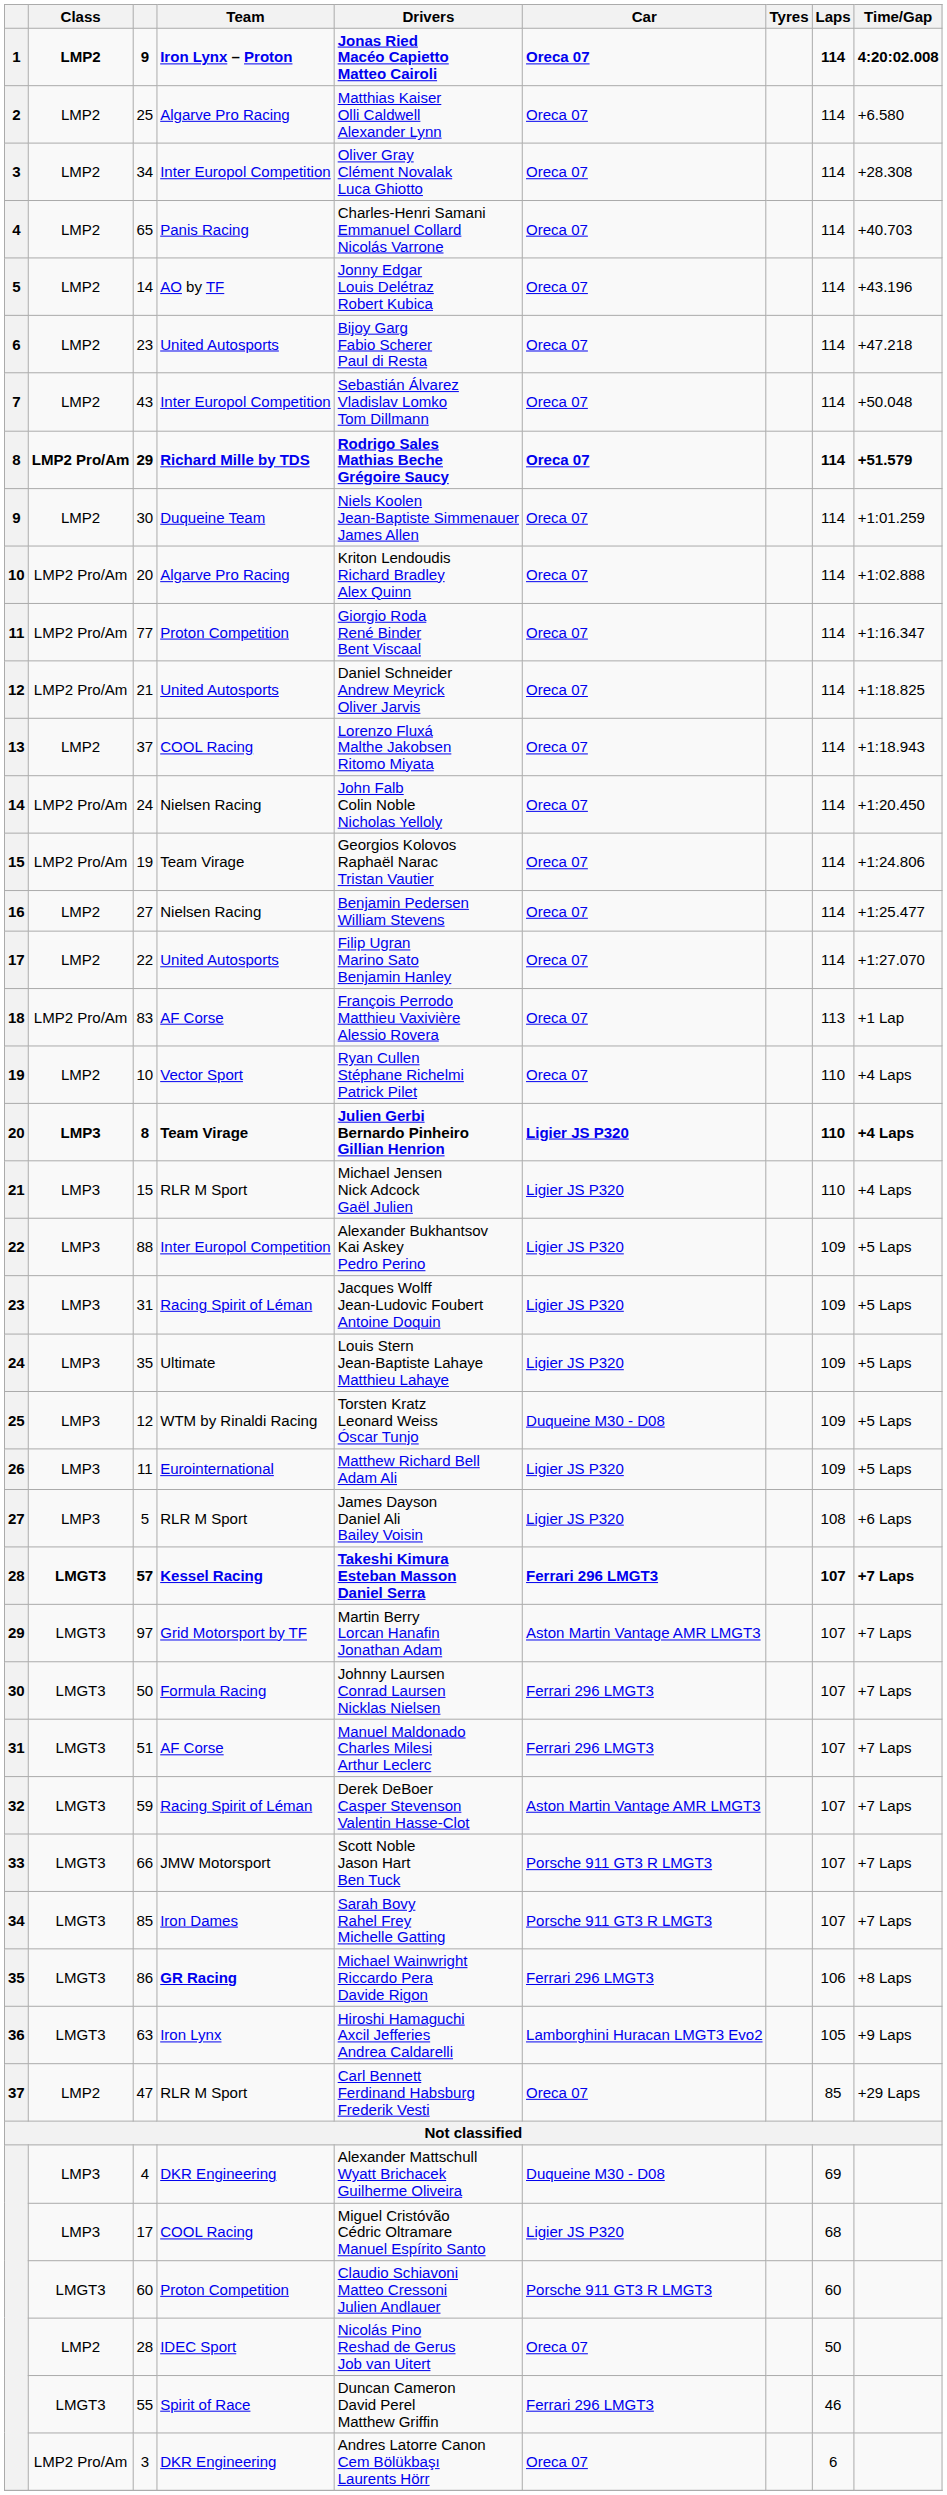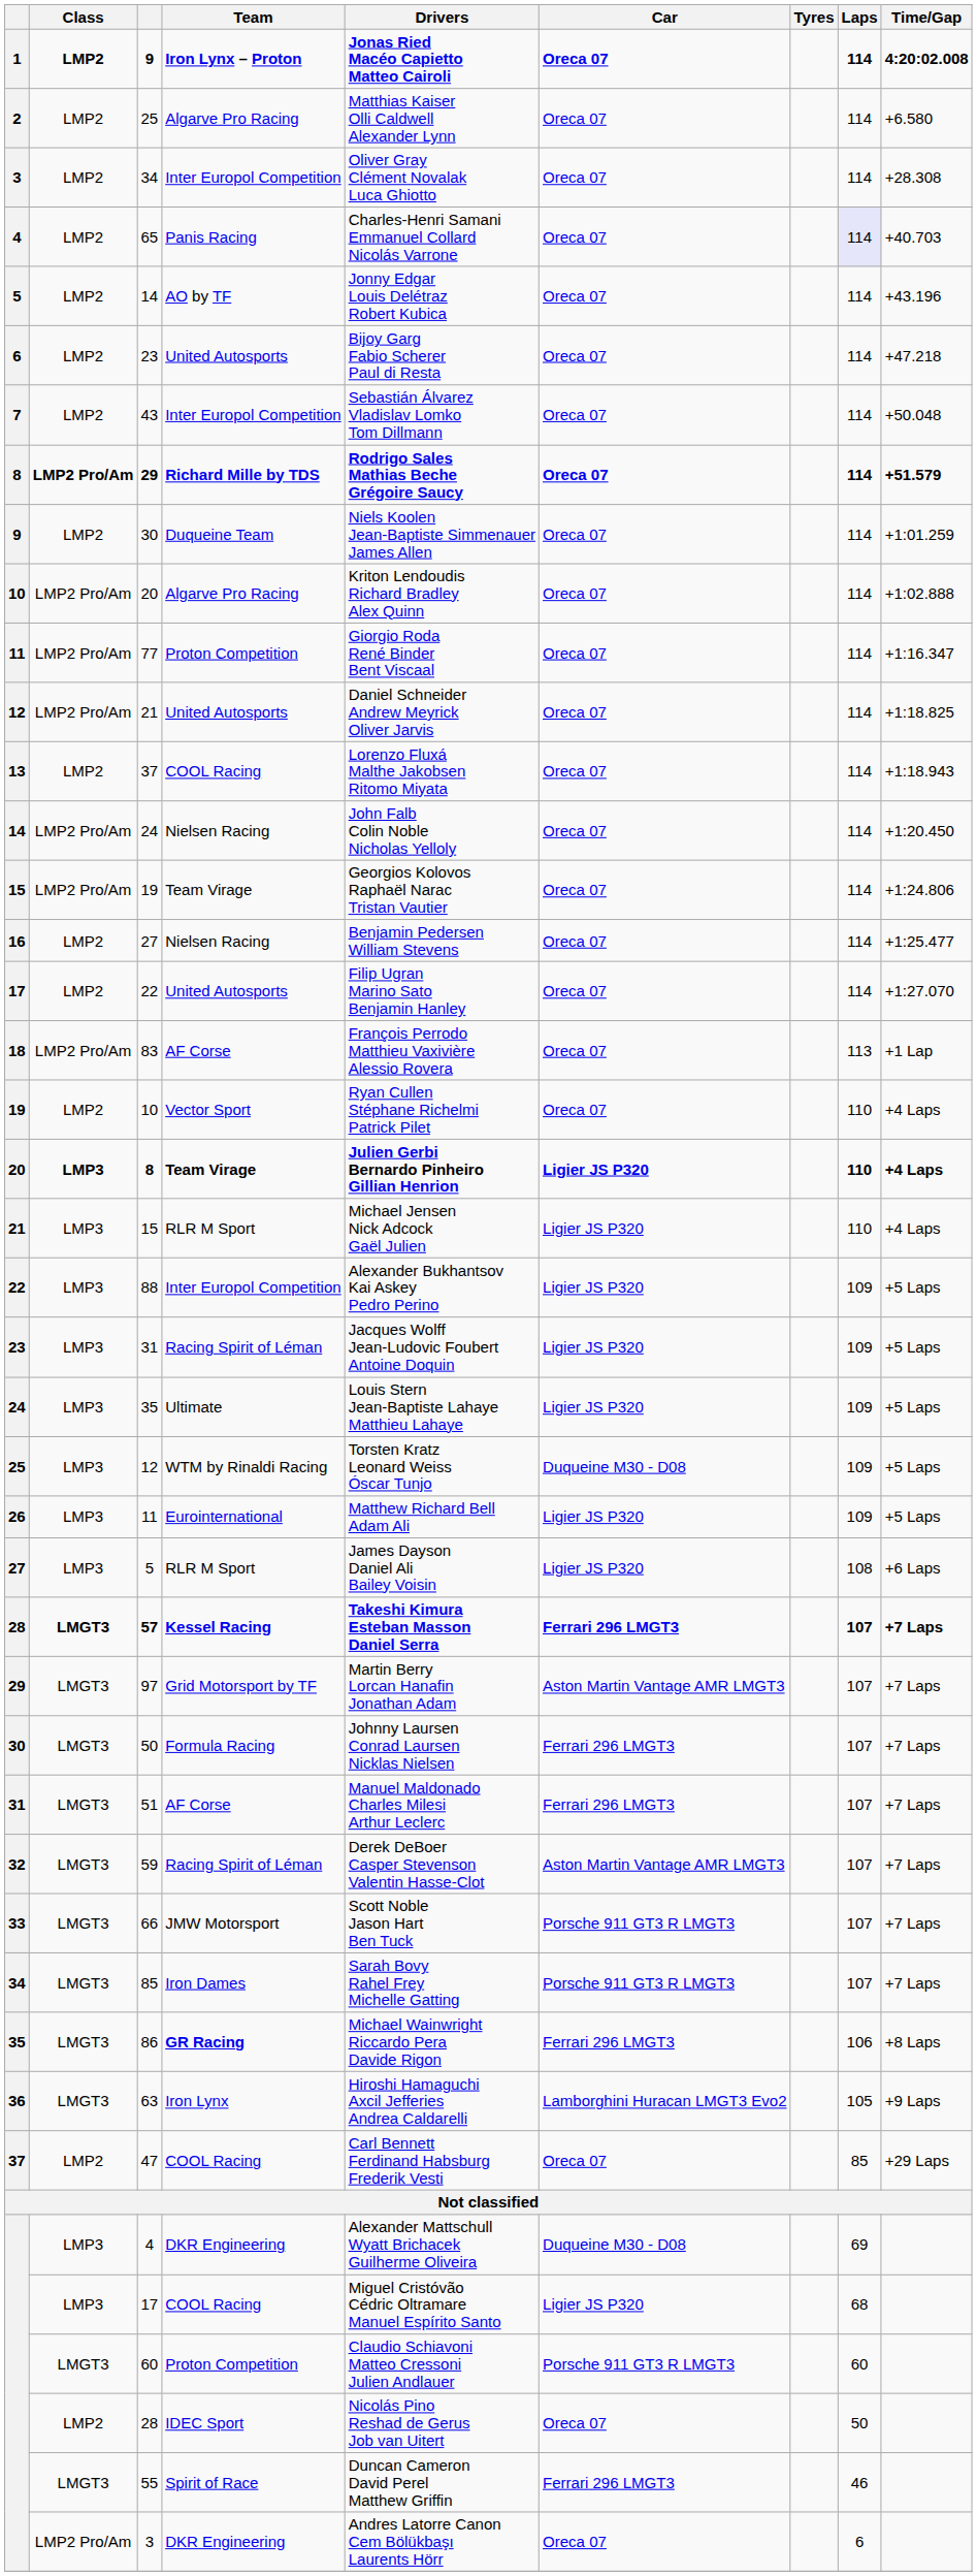 <table class="wikitable" style="font-size:95%;">
 <tr>
 <th></th>
 <th>Class</th>
 <th></th>
 <th>Team</th>
 <th>Drivers</th>
 <th>Car</th>
 <th>Tyres</th>
 <th>Laps</th>
 <th>Time/Gap</th>
 </tr>
 <tr style="font-weight: bold;">
 <th>1</th>
 <td align="center">LMP2</td>
 <td align="center">9</td>
 <td> <a href='#'>Iron Lynx</a> – <a href='#'>Proton</a></td>
 <td> <a href='#'>Jonas Ried</a><br> <a href='#'>Macéo Capietto</a><br> <a href='#'>Matteo Cairoli</a></td>
 <td><a href='#'>Oreca 07</a></td>
 <td align="center"></td>
 <td align="center">114</td>
 <td align="center">4:20:02.008</td>
 </tr>
 <tr>
 <th>2</th>
 <td align="center">LMP2</td>
 <td align="center">25</td>
 <td> <a href='#'>Algarve Pro Racing</a></td>
 <td> <a href='#'>Matthias Kaiser</a><br> <a href='#'>Olli Caldwell</a><br> <a href='#'>Alexander Lynn</a></td>
 <td><a href='#'>Oreca 07</a></td>
 <td align="center"></td>
 <td align="center">114</td>
 <td>+6.580</td>
 </tr>
 <tr>
 <th>3</th>
 <td align="center">LMP2</td>
 <td align="center">34</td>
 <td> <a href='#'>Inter Europol Competition</a></td>
 <td> <a href='#'>Oliver Gray</a><br> <a href='#'>Clément Novalak</a><br> <a href='#'>Luca Ghiotto</a></td>
 <td><a href='#'>Oreca 07</a></td>
 <td align="center"></td>
 <td align="center">114</td>
 <td>+28.308</td>
 </tr>
 <tr>
 <th>4</th>
 <td align="center">LMP2</td>
 <td align="center">65</td>
 <td> <a href='#'>Panis Racing</a></td>
 <td> Charles-Henri Samani<br> <a href='#'>Emmanuel Collard</a><br> <a href='#'>Nicolás Varrone</a></td>
 <td><a href='#'>Oreca 07</a></td>
 <td align="center"></td>
-<td align="center">114</td>
+<td align="center" style="background: lavender;">114</td>
 <td>+40.703</td>
 </tr>
 <tr>
 <th>5</th>
 <td align="center">LMP2</td>
 <td align="center">14</td>
 <td> <a href='#'>AO</a> by <a href='#'>TF</a></td>
 <td> <a href='#'>Jonny Edgar</a><br> <a href='#'>Louis Delétraz</a><br> <a href='#'>Robert Kubica</a></td>
 <td><a href='#'>Oreca 07</a></td>
 <td align="center"></td>
 <td align="center">114</td>
 <td>+43.196</td>
 </tr>
 <tr>
 <th>6</th>
 <td align="center">LMP2</td>
 <td align="center">23</td>
 <td> <a href='#'>United Autosports</a></td>
 <td> <a href='#'>Bijoy Garg</a><br> <a href='#'>Fabio Scherer</a><br> <a href='#'>Paul di Resta</a></td>
 <td><a href='#'>Oreca 07</a></td>
 <td align="center"></td>
 <td align="center">114</td>
 <td>+47.218</td>
 </tr>
 <tr>
 <th>7</th>
 <td align="center">LMP2</td>
 <td align="center">43</td>
 <td> <a href='#'>Inter Europol Competition</a></td>
 <td> <a href='#'>Sebastián Álvarez</a><br> <a href='#'>Vladislav Lomko</a><br> <a href='#'>Tom Dillmann</a></td>
 <td><a href='#'>Oreca 07</a></td>
 <td align="center"></td>
 <td align="center">114</td>
 <td>+50.048</td>
 </tr>
 <tr style="font-weight: bold;">
 <th>8</th>
 <td align="center">LMP2 Pro/Am</td>
 <td align="center">29</td>
 <td> <a href='#'>Richard Mille by TDS</a></td>
 <td> <a href='#'>Rodrigo Sales</a><br> <a href='#'>Mathias Beche</a><br> <a href='#'>Grégoire Saucy</a></td>
 <td><a href='#'>Oreca 07</a></td>
 <td align="center"></td>
 <td align="center">114</td>
 <td>+51.579</td>
 </tr>
 <tr>
 <th>9</th>
 <td align="center">LMP2</td>
 <td align="center">30</td>
 <td> <a href='#'>Duqueine Team</a></td>
 <td> <a href='#'>Niels Koolen</a><br> <a href='#'>Jean-Baptiste Simmenauer</a><br> <a href='#'>James Allen</a></td>
 <td><a href='#'>Oreca 07</a></td>
 <td align="center"></td>
 <td align="center">114</td>
 <td>+1:01.259</td>
 </tr>
 <tr>
 <th>10</th>
 <td align="center">LMP2 Pro/Am</td>
 <td align="center">20</td>
 <td> <a href='#'>Algarve Pro Racing</a></td>
 <td> Kriton Lendoudis<br> <a href='#'>Richard Bradley</a><br> <a href='#'>Alex Quinn</a></td>
 <td><a href='#'>Oreca 07</a></td>
 <td align="center"></td>
 <td align="center">114</td>
 <td>+1:02.888</td>
 </tr>
 <tr>
 <th>11</th>
 <td align="center">LMP2 Pro/Am</td>
 <td align="center">77</td>
 <td> <a href='#'>Proton Competition</a></td>
 <td> <a href='#'>Giorgio Roda</a><br> <a href='#'>René Binder</a><br> <a href='#'>Bent Viscaal</a></td>
 <td><a href='#'>Oreca 07</a></td>
 <td align="center"></td>
 <td align="center">114</td>
 <td>+1:16.347</td>
 </tr>
 <tr>
 <th>12</th>
 <td align="center">LMP2 Pro/Am</td>
 <td align="center">21</td>
 <td> <a href='#'>United Autosports</a></td>
 <td> Daniel Schneider<br> <a href='#'>Andrew Meyrick</a><br> <a href='#'>Oliver Jarvis</a></td>
 <td><a href='#'>Oreca 07</a></td>
 <td align="center"></td>
 <td align="center">114</td>
 <td>+1:18.825</td>
 </tr>
 <tr>
 <th>13</th>
 <td align="center">LMP2</td>
 <td align="center">37</td>
 <td> <a href='#'>COOL Racing</a></td>
 <td> <a href='#'>Lorenzo Fluxá</a><br> <a href='#'>Malthe Jakobsen</a><br> <a href='#'>Ritomo Miyata</a></td>
 <td><a href='#'>Oreca 07</a></td>
 <td align="center"></td>
 <td align="center">114</td>
 <td>+1:18.943</td>
 </tr>
 <tr>
 <th>14</th>
 <td align="center">LMP2 Pro/Am</td>
 <td align="center">24</td>
 <td> Nielsen Racing</td>
 <td> <a href='#'>John Falb</a><br> Colin Noble<br> <a href='#'>Nicholas Yelloly</a></td>
 <td><a href='#'>Oreca 07</a></td>
 <td align="center"></td>
 <td align="center">114</td>
 <td>+1:20.450</td>
 </tr>
 <tr>
 <th>15</th>
 <td align="center">LMP2 Pro/Am</td>
 <td align="center">19</td>
 <td> Team Virage</td>
 <td> Georgios Kolovos<br> Raphaël Narac<br> <a href='#'>Tristan Vautier</a></td>
 <td><a href='#'>Oreca 07</a></td>
 <td align="center"></td>
 <td align="center">114</td>
 <td>+1:24.806</td>
 </tr>
 <tr>
 <th>16</th>
 <td align="center">LMP2</td>
 <td align="center">27</td>
 <td> Nielsen Racing</td>
 <td> <a href='#'>Benjamin Pedersen</a><br> <a href='#'>William Stevens</a></td>
 <td><a href='#'>Oreca 07</a></td>
 <td align="center"></td>
 <td align="center">114</td>
 <td>+1:25.477</td>
 </tr>
 <tr>
 <th>17</th>
 <td align="center">LMP2</td>
 <td align="center">22</td>
 <td> <a href='#'>United Autosports</a></td>
 <td> <a href='#'>Filip Ugran</a><br> <a href='#'>Marino Sato</a><br> <a href='#'>Benjamin Hanley</a></td>
 <td><a href='#'>Oreca 07</a></td>
 <td align="center"></td>
 <td align="center">114</td>
 <td>+1:27.070</td>
 </tr>
 <tr>
 <th>18</th>
 <td align="center">LMP2 Pro/Am</td>
 <td align="center">83</td>
 <td> <a href='#'>AF Corse</a></td>
 <td> <a href='#'>François Perrodo</a><br> <a href='#'>Matthieu Vaxivière</a><br> <a href='#'>Alessio Rovera</a></td>
 <td><a href='#'>Oreca 07</a></td>
 <td align="center"></td>
 <td align="center">113</td>
 <td>+1 Lap</td>
 </tr>
 <tr>
 <th>19</th>
 <td align="center">LMP2</td>
 <td align="center">10</td>
 <td> <a href='#'>Vector Sport</a></td>
 <td> <a href='#'>Ryan Cullen</a><br> <a href='#'>Stéphane Richelmi</a><br> <a href='#'>Patrick Pilet</a></td>
 <td><a href='#'>Oreca 07</a></td>
 <td align="center"></td>
 <td align="center">110</td>
 <td>+4 Laps</td>
 </tr>
 <tr style="font-weight: bold;">
 <th>20</th>
 <td align="center">LMP3</td>
 <td align="center">8</td>
 <td> Team Virage</td>
 <td> <a href='#'>Julien Gerbi</a><br> Bernardo Pinheiro<br> <a href='#'>Gillian Henrion</a></td>
 <td><a href='#'>Ligier JS P320</a></td>
 <td align="center"></td>
 <td align="center">110</td>
 <td>+4 Laps</td>
 </tr>
 <tr>
 <th>21</th>
 <td align="center">LMP3</td>
 <td align="center">15</td>
 <td> RLR M Sport</td>
 <td> Michael Jensen<br> Nick Adcock<br> <a href='#'>Gaël Julien</a></td>
 <td><a href='#'>Ligier JS P320</a></td>
 <td align="center"></td>
 <td align="center">110</td>
 <td>+4 Laps</td>
 </tr>
 <tr>
 <th>22</th>
 <td align="center">LMP3</td>
 <td align="center">88</td>
 <td> <a href='#'>Inter Europol Competition</a></td>
 <td> Alexander Bukhantsov<br> Kai Askey<br> <a href='#'>Pedro Perino</a></td>
 <td><a href='#'>Ligier JS P320</a></td>
 <td align="center"></td>
 <td align="center">109</td>
 <td>+5 Laps</td>
 </tr>
 <tr>
 <th>23</th>
 <td align="center">LMP3</td>
 <td align="center">31</td>
 <td> <a href='#'>Racing Spirit of Léman</a></td>
 <td> Jacques Wolff<br> Jean-Ludovic Foubert<br> <a href='#'>Antoine Doquin</a></td>
 <td><a href='#'>Ligier JS P320</a></td>
 <td align="center"></td>
 <td align="center">109</td>
 <td>+5 Laps</td>
 </tr>
 <tr>
 <th>24</th>
 <td align="center">LMP3</td>
 <td align="center">35</td>
 <td> Ultimate</td>
 <td> Louis Stern<br> Jean-Baptiste Lahaye<br> <a href='#'>Matthieu Lahaye</a></td>
 <td><a href='#'>Ligier JS P320</a></td>
 <td align="center"></td>
 <td align="center">109</td>
 <td>+5 Laps</td>
 </tr>
 <tr>
 <th>25</th>
 <td align="center">LMP3</td>
 <td align="center">12</td>
 <td> WTM by Rinaldi Racing</td>
 <td> Torsten Kratz<br> Leonard Weiss<br> <a href='#'>Óscar Tunjo</a></td>
 <td><a href='#'>Duqueine M30 - D08</a></td>
 <td align="center"></td>
 <td align="center">109</td>
 <td>+5 Laps</td>
 </tr>
 <tr>
 <th>26</th>
 <td align="center">LMP3</td>
 <td align="center">11</td>
 <td> <a href='#'>Eurointernational</a></td>
 <td> <a href='#'>Matthew Richard Bell</a><br> <a href='#'>Adam Ali</a></td>
 <td><a href='#'>Ligier JS P320</a></td>
 <td align="center"></td>
 <td align="center">109</td>
 <td>+5 Laps</td>
 </tr>
 <tr>
 <th>27</th>
 <td align="center">LMP3</td>
 <td align="center">5</td>
 <td> RLR M Sport</td>
 <td> James Dayson<br> Daniel Ali<br> <a href='#'>Bailey Voisin</a></td>
 <td><a href='#'>Ligier JS P320</a></td>
 <td align="center"></td>
 <td align="center">108</td>
 <td>+6 Laps</td>
 </tr>
 <tr style="font-weight: bold;">
 <th>28</th>
 <td align="center">LMGT3</td>
 <td align="center">57</td>
 <td> <a href='#'>Kessel Racing</a></td>
 <td> <a href='#'>Takeshi Kimura</a><br> <a href='#'>Esteban Masson</a><br> <a href='#'>Daniel Serra</a></td>
 <td><a href='#'>Ferrari 296 LMGT3</a></td>
 <td align="center"></td>
 <td align="center">107</td>
 <td>+7 Laps</td>
 </tr>
 <tr>
 <th>29</th>
 <td align="center">LMGT3</td>
 <td align="center">97</td>
 <td> <a href='#'>Grid Motorsport by TF</a></td>
 <td> Martin Berry<br> <a href='#'>Lorcan Hanafin</a><br> <a href='#'>Jonathan Adam</a></td>
 <td><a href='#'>Aston Martin Vantage AMR LMGT3</a></td>
 <td align="center"></td>
 <td align="center">107</td>
 <td>+7 Laps</td>
 </tr>
 <tr>
 <th>30</th>
 <td align="center">LMGT3</td>
 <td align="center">50</td>
 <td> <a href='#'>Formula Racing</a></td>
 <td> Johnny Laursen<br> <a href='#'>Conrad Laursen</a><br> <a href='#'>Nicklas Nielsen</a></td>
 <td><a href='#'>Ferrari 296 LMGT3</a></td>
 <td align="center"></td>
 <td align="center">107</td>
 <td>+7 Laps</td>
 </tr>
 <tr>
 <th>31</th>
 <td align="center">LMGT3</td>
 <td align="center">51</td>
 <td> <a href='#'>AF Corse</a></td>
 <td> <a href='#'>Manuel Maldonado</a><br> <a href='#'>Charles Milesi</a><br> <a href='#'>Arthur Leclerc</a></td>
 <td><a href='#'>Ferrari 296 LMGT3</a></td>
 <td align="center"></td>
 <td align="center">107</td>
 <td>+7 Laps</td>
 </tr>
 <tr>
 <th>32</th>
 <td align="center">LMGT3</td>
 <td align="center">59</td>
 <td> <a href='#'>Racing Spirit of Léman</a></td>
 <td> Derek DeBoer<br> <a href='#'>Casper Stevenson</a><br> <a href='#'>Valentin Hasse-Clot</a></td>
 <td><a href='#'>Aston Martin Vantage AMR LMGT3</a></td>
 <td align="center"></td>
 <td align="center">107</td>
 <td>+7 Laps</td>
 </tr>
 <tr>
 <th>33</th>
 <td align="center">LMGT3</td>
 <td align="center">66</td>
 <td> JMW Motorsport</td>
 <td> Scott Noble<br> Jason Hart<br> <a href='#'>Ben Tuck</a></td>
 <td><a href='#'>Porsche 911 GT3 R LMGT3</a></td>
 <td align="center"></td>
 <td align="center">107</td>
 <td>+7 Laps</td>
 </tr>
 <tr>
 <th>34</th>
 <td align="center">LMGT3</td>
 <td align="center">85</td>
 <td> <a href='#'>Iron Dames</a></td>
 <td> <a href='#'>Sarah Bovy</a><br> <a href='#'>Rahel Frey</a><br> <a href='#'>Michelle Gatting</a></td>
 <td><a href='#'>Porsche 911 GT3 R LMGT3</a></td>
 <td align="center"></td>
 <td align="center">107</td>
 <td>+7 Laps</td>
 </tr>
 <tr>
 <th>35</th>
 <td align="center">LMGT3</td>
 <td align="center">86</td>
 <td><strong> <a href='#'>GR Racing</a></strong></td>
 <td> <a href='#'>Michael Wainwright</a><br> <a href='#'>Riccardo Pera</a><br> <a href='#'>Davide Rigon</a></td>
 <td><a href='#'>Ferrari 296 LMGT3</a></td>
 <td align="center"></td>
 <td align="center">106</td>
 <td>+8 Laps</td>
 </tr>
 <tr>
 <th>36</th>
 <td align="center">LMGT3</td>
 <td align="center">63</td>
 <td> <a href='#'>Iron Lynx</a></td>
 <td> <a href='#'>Hiroshi Hamaguchi</a><br> <a href='#'>Axcil Jefferies</a><br> <a href='#'>Andrea Caldarelli</a></td>
 <td><a href='#'>Lamborghini Huracan LMGT3 Evo2</a></td>
 <td align="center"></td>
 <td align="center">105</td>
 <td>+9 Laps</td>
 </tr>
 <tr>
 <th>37</th>
 <td align="center">LMP2</td>
 <td align="center">47</td>
-<td> RLR M Sport</td>
+<td> <a href='#'>COOL Racing</a></td>
 <td> <a href='#'>Carl Bennett</a><br> <a href='#'>Ferdinand Habsburg</a><br> <a href='#'>Frederik Vesti</a></td>
 <td><a href='#'>Oreca 07</a></td>
 <td align="center"></td>
 <td align="center">85</td>
 <td>+29 Laps</td>
 </tr>
 <tr>
 <th colspan="9">Not classified</th>
 </tr>
 <tr>
 <th rowspan="6"></th>
 <td align="center">LMP3</td>
 <td align="center">4</td>
 <td> <a href='#'>DKR Engineering</a></td>
 <td> Alexander Mattschull<br> <a href='#'>Wyatt Brichacek</a><br> <a href='#'>Guilherme Oliveira</a></td>
 <td><a href='#'>Duqueine M30 - D08</a></td>
 <td align="center"></td>
 <td align="center">69</td>
 <td></td>
 </tr>
 <tr>
 <td align="center">LMP3</td>
 <td align="center">17</td>
 <td> <a href='#'>COOL Racing</a></td>
 <td> Miguel Cristóvão<br> Cédric Oltramare<br> <a href='#'>Manuel Espírito Santo</a></td>
 <td><a href='#'>Ligier JS P320</a></td>
 <td align="center"></td>
 <td align="center">68</td>
 <td></td>
 </tr>
 <tr>
 <td align="center">LMGT3</td>
 <td align="center">60</td>
 <td> <a href='#'>Proton Competition</a></td>
 <td> <a href='#'>Claudio Schiavoni</a><br> <a href='#'>Matteo Cressoni</a><br> <a href='#'>Julien Andlauer</a></td>
 <td><a href='#'>Porsche 911 GT3 R LMGT3</a></td>
 <td align="center"></td>
 <td align="center">60</td>
 <td></td>
 </tr>
 <tr>
 <td align="center">LMP2</td>
 <td align="center">28</td>
 <td> <a href='#'>IDEC Sport</a></td>
 <td> <a href='#'>Nicolás Pino</a><br> <a href='#'>Reshad de Gerus</a><br> <a href='#'>Job van Uitert</a></td>
 <td><a href='#'>Oreca 07</a></td>
 <td align="center"></td>
 <td align="center">50</td>
 <td></td>
 </tr>
 <tr>
 <td align="center">LMGT3</td>
 <td align="center">55</td>
 <td> <a href='#'>Spirit of Race</a></td>
 <td> Duncan Cameron<br> David Perel<br> Matthew Griffin</td>
 <td><a href='#'>Ferrari 296 LMGT3</a></td>
 <td align="center"></td>
 <td align="center">46</td>
 <td></td>
 </tr>
 <tr>
 <td align="center">LMP2 Pro/Am</td>
 <td align="center">3</td>
 <td> <a href='#'>DKR Engineering</a></td>
 <td> Andres Latorre Canon<br> <a href='#'>Cem Bölükbaşı</a><br> <a href='#'>Laurents Hörr</a></td>
 <td><a href='#'>Oreca 07</a></td>
 <td align="center"></td>
 <td align="center">6</td>
 <td></td>
 </tr>
 <tr>
 </tr>
 </table>
